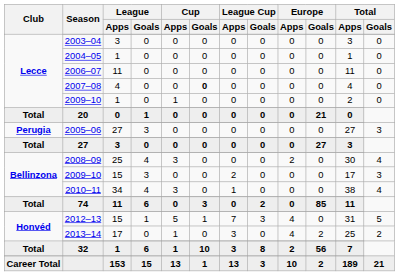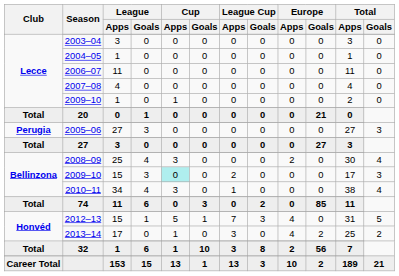 <table class="wikitable" style="font-size:90%; text-align: center;">
 <tr>
 <th rowspan="2">Club</th>
 <th rowspan="2">Season</th>
 <th colspan="2">League</th>
 <th colspan="2">Cup</th>
 <th colspan="2">League Cup</th>
 <th colspan="2">Europe</th>
 <th colspan="2">Total</th>
 </tr>
 <tr>
 <th>Apps</th>
 <th>Goals</th>
 <th>Apps</th>
 <th>Goals</th>
 <th>Apps</th>
 <th>Goals</th>
 <th>Apps</th>
 <th>Goals</th>
 <th>Apps</th>
 <th>Goals</th>
 </tr>
 <tr ||-||-||-|->
 <td rowspan="7" valign="center"><strong><a href='#'>Lecce</a></strong></td>
 </tr>
 <tr>
 <td><a href='#'>2003–04</a></td>
 <td>3</td>
 <td>0</td>
 <td>0</td>
 <td>0</td>
 <td>0</td>
 <td>0</td>
 <td>0</td>
 <td>0</td>
 <td>3</td>
 <td>0</td>
 </tr>
 <tr>
 <td><a href='#'>2004–05</a></td>
 <td>1</td>
 <td>0</td>
 <td>0</td>
 <td>0</td>
 <td>0</td>
 <td>0</td>
 <td>0</td>
 <td>0</td>
 <td>1</td>
 <td>0</td>
 </tr>
 <tr>
 <td><a href='#'>2006–07</a></td>
 <td>11</td>
 <td>0</td>
 <td>0</td>
 <td>0</td>
 <td>0</td>
 <td>0</td>
 <td>0</td>
 <td>0</td>
 <td>11</td>
 <td>0</td>
 </tr>
 <tr>
 <td><a href='#'>2007–08</a></td>
 <td>4</td>
 <td>0</td>
 <td>0</td>
-<td><strong>0</strong></td>
+<td>0</td>
 <td>0</td>
 <td>0</td>
 <td>0</td>
 <td>0</td>
 <td>4</td>
 <td>0</td>
 </tr>
 <tr>
 <td><a href='#'>2009–10</a></td>
 <td>1</td>
 <td>0</td>
 <td>1</td>
 <td>0</td>
 <td>0</td>
 <td>0</td>
 <td>0</td>
 <td>0</td>
 <td>2</td>
 <td>0</td>
 </tr>
 <tr>
 </tr>
 <tr style="font-weight:bold; background-color:#eeeeee;">
 <td>Total</td>
 <td>20</td>
 <td>0</td>
 <td>1</td>
 <td>0</td>
 <td>0</td>
 <td>0</td>
 <td>0</td>
 <td>0</td>
 <td>21</td>
 <td>0</td>
 </tr>
 <tr>
 <td rowspan="3" valign="center"><strong><a href='#'>Perugia</a></strong></td>
 </tr>
 <tr>
 <td><a href='#'>2005–06</a></td>
 <td>27</td>
 <td>3</td>
 <td>0</td>
 <td>0</td>
 <td>0</td>
 <td>0</td>
 <td>0</td>
 <td>0</td>
 <td>27</td>
 <td>3</td>
 </tr>
 <tr>
 </tr>
 <tr style="font-weight:bold; background-color:#eeeeee;">
 <td>Total</td>
 <td>27</td>
 <td>3</td>
 <td>0</td>
 <td>0</td>
 <td>0</td>
 <td>0</td>
 <td>0</td>
 <td>0</td>
 <td>27</td>
 <td>3</td>
 </tr>
 <tr>
 <td rowspan="5" valign="center"><strong><a href='#'>Bellinzona</a></strong></td>
 </tr>
 <tr>
 <td><a href='#'>2008–09</a></td>
 <td>25</td>
 <td>4</td>
 <td>3</td>
 <td>0</td>
 <td>0</td>
 <td>0</td>
 <td>2</td>
 <td>0</td>
 <td>30</td>
 <td>4</td>
 </tr>
 <tr>
 <td><a href='#'>2009–10</a></td>
 <td>15</td>
 <td>3</td>
-<td>0</td>
+<td style="background: paleturquoise;">0</td>
 <td>0</td>
 <td>2</td>
 <td>0</td>
 <td>0</td>
 <td>0</td>
 <td>17</td>
 <td>3</td>
 </tr>
 <tr>
 <td><a href='#'>2010–11</a></td>
 <td>34</td>
 <td>4</td>
 <td>3</td>
 <td>0</td>
 <td>1</td>
 <td>0</td>
 <td>0</td>
 <td>0</td>
 <td>38</td>
 <td>4</td>
 </tr>
 <tr>
 </tr>
 <tr style="font-weight:bold; background-color:#eeeeee;">
 <td>Total</td>
 <td>74</td>
 <td>11</td>
 <td>6</td>
 <td>0</td>
 <td>3</td>
 <td>0</td>
 <td>2</td>
 <td>0</td>
 <td>85</td>
 <td>11</td>
 </tr>
 <tr>
 <td rowspan="4" valign="center"><strong><a href='#'>Honvéd</a></strong></td>
 </tr>
 <tr>
 <td><a href='#'>2012–13</a></td>
 <td>15</td>
 <td>1</td>
 <td>5</td>
 <td>1</td>
 <td>7</td>
 <td>3</td>
 <td>4</td>
 <td>0</td>
 <td>31</td>
 <td>5</td>
 </tr>
 <tr>
 <td><a href='#'>2013–14</a></td>
 <td>17</td>
 <td>0</td>
 <td>1</td>
 <td>0</td>
 <td>3</td>
 <td>0</td>
 <td>4</td>
 <td>2</td>
 <td>25</td>
 <td>2</td>
 </tr>
 <tr>
 </tr>
 <tr style="font-weight:bold; background-color:#eeeeee;">
 <td>Total</td>
 <td>32</td>
 <td>1</td>
 <td>6</td>
 <td>1</td>
 <td>10</td>
 <td>3</td>
 <td>8</td>
 <td>2</td>
 <td>56</td>
 <td>7</td>
 </tr>
 <tr>
 </tr>
 <tr style="font-weight:bold; background-color:#eeeeee;">
 <td rowspan="2" valign="top"><strong>Career Total</strong></td>
 <td></td>
 <td><strong>153</strong></td>
 <td><strong>15</strong></td>
 <td><strong>13</strong></td>
 <td><strong>1</strong></td>
 <td><strong>13</strong></td>
 <td><strong>3</strong></td>
 <td><strong>10</strong></td>
 <td><strong>2</strong></td>
 <td><strong>189</strong></td>
 <td><strong>21</strong></td>
 </tr>
 </table>
